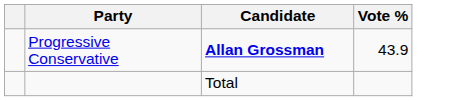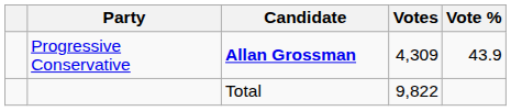 <table class="wikitable">
 <tr>
 <th></th>
 <th scope="col" width="175">Party</th>
 <th scope="col" width="150">Candidate</th>
+<th>Votes</th>
 <th>Vote %</th>
 </tr>
 <tr>
 <td>   </td>
 <td><a href='#'>Progressive Conservative</a></td>
 <td><strong><a href='#'>Allan Grossman</a></strong></td>
+<td align=right>4,309</td>
 <td align=right>43.9<br>    </td>
 </tr>
 <tr>
 <td></td>
 <td></td>
 <td>Total</td>
+<td align=right>9,822</td>
 <td></td>
 </tr>
 </table>
